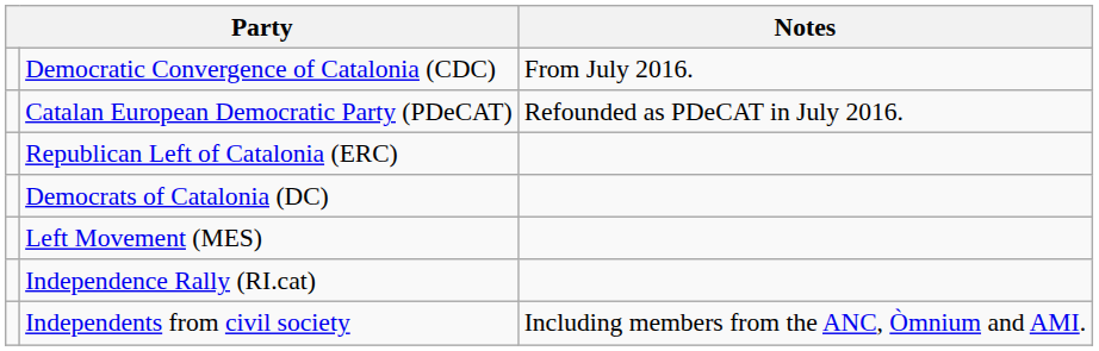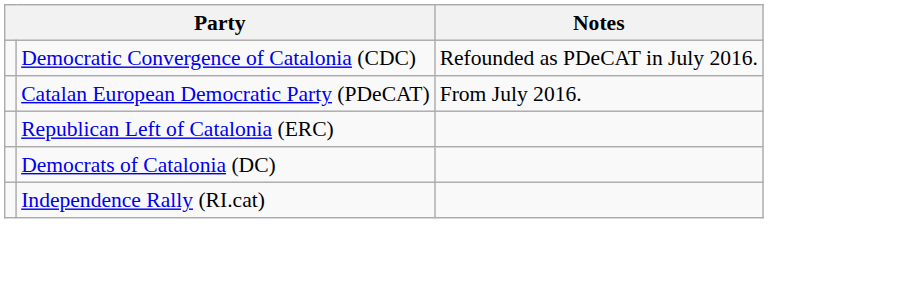 <table class="wikitable" style="text-align:left; font-size:95%;">
 <tr>
 <th colspan="2">Party</th>
 <th>Notes</th>
 </tr>
 <tr>
 <td width="1"></td>
 <td><a href='#'>Democratic Convergence of Catalonia</a> (CDC)</td>
-<td>From July 2016.</td>
+<td>Refounded as PDeCAT in July 2016.</td>
 </tr>
 <tr>
 <td></td>
 <td><a href='#'>Catalan European Democratic Party</a> (PDeCAT)</td>
-<td>Refounded as PDeCAT in July 2016.</td>
+<td>From July 2016.</td>
 </tr>
 <tr>
 <td></td>
 <td><a href='#'>Republican Left of Catalonia</a> (ERC)</td>
 <td></td>
 </tr>
 <tr>
 <td></td>
 <td><a href='#'>Democrats of Catalonia</a> (DC)</td>
 <td></td>
 </tr>
 <tr>
 <td></td>
-<td><a href='#'>Left Movement</a> (MES)</td>
-<td></td>
-</tr>
-<tr>
-<td></td>
 <td><a href='#'>Independence Rally</a> (RI.cat)</td>
 <td></td>
 </tr>
-<tr>
-<td></td>
-<td><a href='#'>Independents</a> from <a href='#'>civil society</a></td>
-<td>Including members from the <a href='#'>ANC</a>, <a href='#'>Òmnium</a> and <a href='#'>AMI</a>.</td>
-</tr>
 </table>
